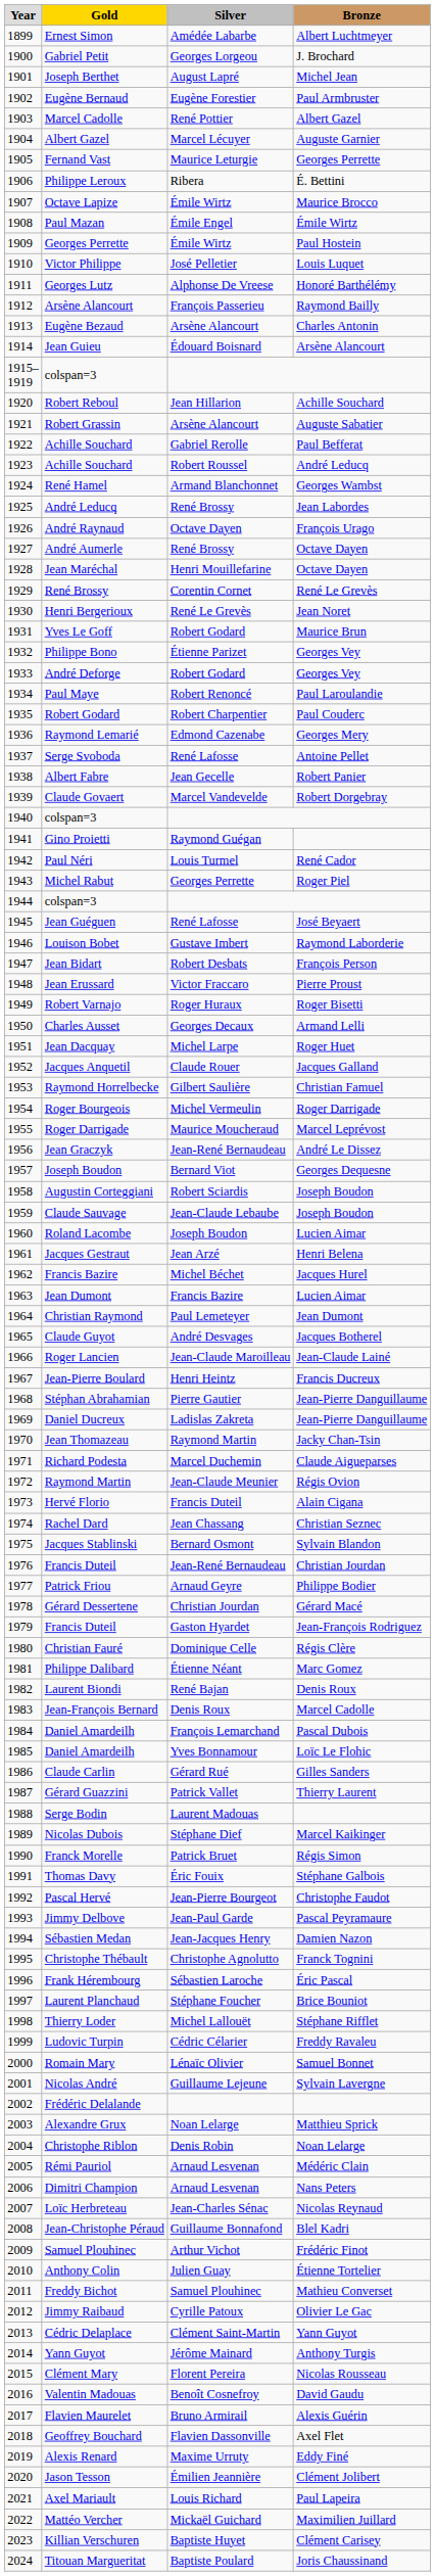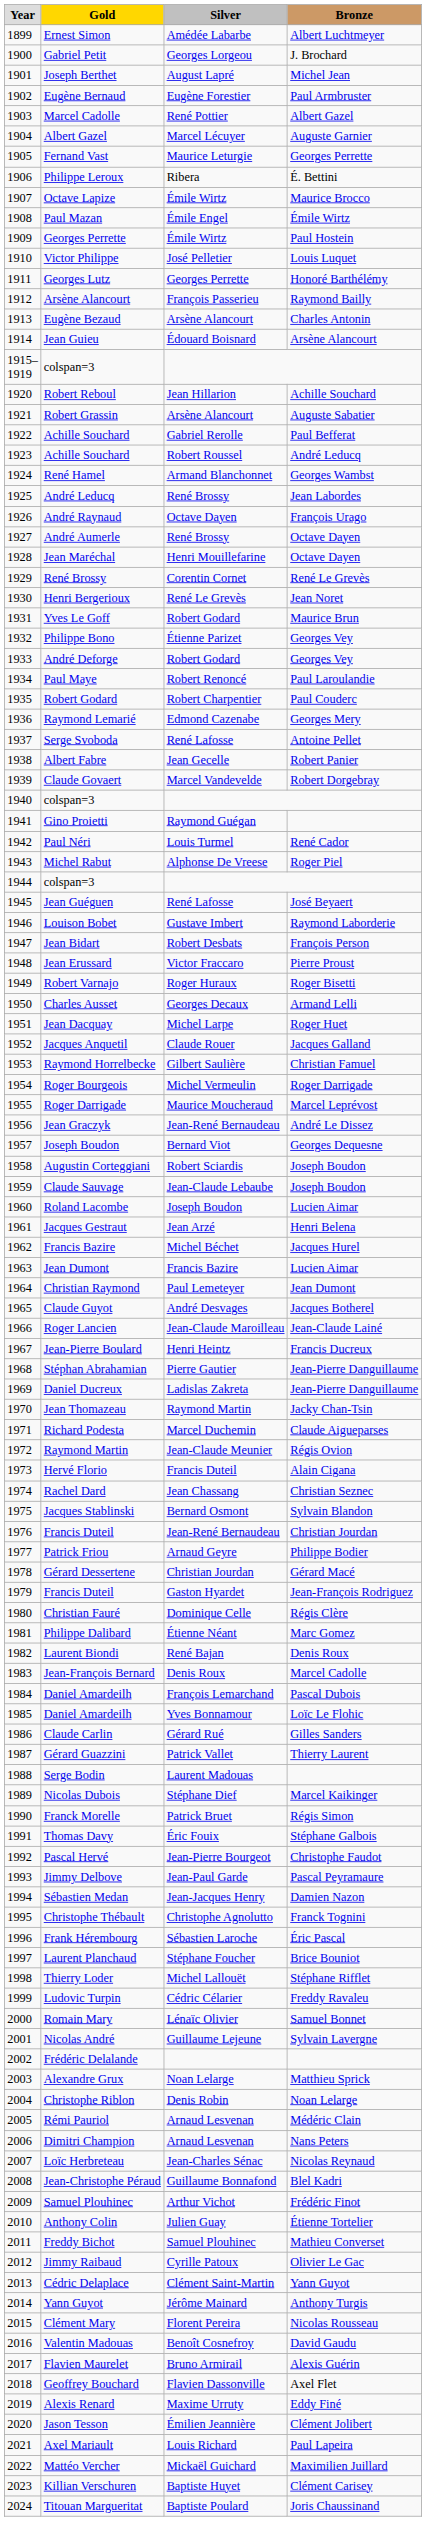 <table class="wikitable sortable" style="font-size:95%">
 <tr style="text-align:center; background:#e4e4e4; font-weight:bold;">
 <td style="background:#ddd; ">Year</td>
 <td style="background:gold; ">Gold</td>
 <td style="background:silver; ">Silver</td>
 <td style="background:#c96; ">Bronze</td>
 </tr>
 <tr>
 <td>1899</td>
 <td><a href='#'>Ernest Simon</a></td>
 <td><a href='#'>Amédée Labarbe</a></td>
 <td><a href='#'>Albert Luchtmeyer</a></td>
 </tr>
 <tr>
 <td>1900</td>
 <td><a href='#'>Gabriel Petit</a></td>
 <td><a href='#'>Georges Lorgeou</a></td>
 <td>J. Brochard</td>
 </tr>
 <tr>
 <td>1901</td>
 <td><a href='#'>Joseph Berthet</a></td>
 <td><a href='#'>August Lapré</a></td>
 <td><a href='#'>Michel Jean</a></td>
 </tr>
 <tr>
 <td>1902</td>
 <td><a href='#'>Eugène Bernaud</a></td>
 <td><a href='#'>Eugène Forestier</a></td>
 <td><a href='#'>Paul Armbruster</a></td>
 </tr>
 <tr>
 <td>1903</td>
 <td><a href='#'>Marcel Cadolle</a></td>
 <td><a href='#'>René Pottier</a></td>
 <td><a href='#'>Albert Gazel</a></td>
 </tr>
 <tr>
 <td>1904</td>
 <td><a href='#'>Albert Gazel</a></td>
 <td><a href='#'>Marcel Lécuyer</a></td>
 <td><a href='#'>Auguste Garnier</a></td>
 </tr>
 <tr>
 <td>1905</td>
 <td><a href='#'>Fernand Vast</a></td>
 <td><a href='#'>Maurice Leturgie</a></td>
 <td><a href='#'>Georges Perrette</a></td>
 </tr>
 <tr>
 <td>1906</td>
 <td><a href='#'>Philippe Leroux</a></td>
 <td>Ribera</td>
 <td>É. Bettini</td>
 </tr>
 <tr>
 <td>1907</td>
 <td><a href='#'>Octave Lapize</a></td>
 <td><a href='#'>Émile Wirtz</a></td>
 <td><a href='#'>Maurice Brocco</a></td>
 </tr>
 <tr>
 <td>1908</td>
 <td><a href='#'>Paul Mazan</a></td>
 <td><a href='#'>Émile Engel</a></td>
 <td><a href='#'>Émile Wirtz</a></td>
 </tr>
 <tr>
 <td>1909</td>
 <td><a href='#'>Georges Perrette</a></td>
 <td><a href='#'>Émile Wirtz</a></td>
 <td><a href='#'>Paul Hostein</a></td>
 </tr>
 <tr>
 <td>1910</td>
 <td><a href='#'>Victor Philippe</a></td>
 <td><a href='#'>José Pelletier</a></td>
 <td><a href='#'>Louis Luquet</a></td>
 </tr>
 <tr>
 <td>1911</td>
 <td><a href='#'>Georges Lutz</a></td>
-<td><a href='#'>Alphonse De Vreese</a></td>
+<td><a href='#'>Georges Perrette</a></td>
 <td><a href='#'>Honoré Barthélémy</a></td>
 </tr>
 <tr>
 <td>1912</td>
 <td><a href='#'>Arsène Alancourt</a></td>
 <td><a href='#'>François Passerieu</a></td>
 <td><a href='#'>Raymond Bailly</a></td>
 </tr>
 <tr>
 <td>1913</td>
 <td><a href='#'>Eugène Bezaud</a></td>
 <td><a href='#'>Arsène Alancourt</a></td>
 <td><a href='#'>Charles Antonin</a></td>
 </tr>
 <tr>
 <td>1914</td>
 <td><a href='#'>Jean Guieu</a></td>
 <td><a href='#'>Édouard Boisnard</a></td>
 <td><a href='#'>Arsène Alancourt</a></td>
 </tr>
 <tr>
 <td>1915–<br>1919</td>
 <td>colspan=3 </td>
 </tr>
 <tr>
 <td>1920</td>
 <td><a href='#'>Robert Reboul</a></td>
 <td><a href='#'>Jean Hillarion</a></td>
 <td><a href='#'>Achille Souchard</a></td>
 </tr>
 <tr>
 <td>1921</td>
 <td><a href='#'>Robert Grassin</a></td>
 <td><a href='#'>Arsène Alancourt</a></td>
 <td><a href='#'>Auguste Sabatier</a></td>
 </tr>
 <tr>
 <td>1922</td>
 <td><a href='#'>Achille Souchard</a></td>
 <td><a href='#'>Gabriel Rerolle</a></td>
 <td><a href='#'>Paul Befferat</a></td>
 </tr>
 <tr>
 <td>1923</td>
 <td><a href='#'>Achille Souchard</a></td>
 <td><a href='#'>Robert Roussel</a></td>
 <td><a href='#'>André Leducq</a></td>
 </tr>
 <tr>
 <td>1924</td>
 <td><a href='#'>René Hamel</a></td>
 <td><a href='#'>Armand Blanchonnet</a></td>
 <td><a href='#'>Georges Wambst</a></td>
 </tr>
 <tr>
 <td>1925</td>
 <td><a href='#'>André Leducq</a></td>
 <td><a href='#'>René Brossy</a></td>
 <td><a href='#'>Jean Labordes</a></td>
 </tr>
 <tr>
 <td>1926</td>
 <td><a href='#'>André Raynaud</a></td>
 <td><a href='#'>Octave Dayen</a></td>
 <td><a href='#'>François Urago</a></td>
 </tr>
 <tr>
 <td>1927</td>
 <td><a href='#'>André Aumerle</a></td>
 <td><a href='#'>René Brossy</a></td>
 <td><a href='#'>Octave Dayen</a></td>
 </tr>
 <tr>
 <td>1928</td>
 <td><a href='#'>Jean Maréchal</a></td>
 <td><a href='#'>Henri Mouillefarine</a></td>
 <td><a href='#'>Octave Dayen</a></td>
 </tr>
 <tr>
 <td>1929</td>
 <td><a href='#'>René Brossy</a></td>
 <td><a href='#'>Corentin Cornet</a></td>
 <td><a href='#'>René Le Grevès</a></td>
 </tr>
 <tr>
 <td>1930</td>
 <td><a href='#'>Henri Bergerioux</a></td>
 <td><a href='#'>René Le Grevès</a></td>
 <td><a href='#'>Jean Noret</a></td>
 </tr>
 <tr>
 <td>1931</td>
 <td><a href='#'>Yves Le Goff</a></td>
 <td><a href='#'>Robert Godard</a></td>
 <td><a href='#'>Maurice Brun</a></td>
 </tr>
 <tr>
 <td>1932</td>
 <td><a href='#'>Philippe Bono</a></td>
 <td><a href='#'>Étienne Parizet</a></td>
 <td><a href='#'>Georges Vey</a></td>
 </tr>
 <tr>
 <td>1933</td>
 <td><a href='#'>André Deforge</a></td>
 <td><a href='#'>Robert Godard</a></td>
 <td><a href='#'>Georges Vey</a></td>
 </tr>
 <tr>
 <td>1934</td>
 <td><a href='#'>Paul Maye</a></td>
 <td><a href='#'>Robert Renoncé</a></td>
 <td><a href='#'>Paul Laroulandie</a></td>
 </tr>
 <tr>
 <td>1935</td>
 <td><a href='#'>Robert Godard</a></td>
 <td><a href='#'>Robert Charpentier</a></td>
 <td><a href='#'>Paul Couderc</a></td>
 </tr>
 <tr>
 <td>1936</td>
 <td><a href='#'>Raymond Lemarié</a></td>
 <td><a href='#'>Edmond Cazenabe</a></td>
 <td><a href='#'>Georges Mery</a></td>
 </tr>
 <tr>
 <td>1937</td>
 <td><a href='#'>Serge Svoboda</a></td>
 <td><a href='#'>René Lafosse</a></td>
 <td><a href='#'>Antoine Pellet</a></td>
 </tr>
 <tr>
 <td>1938</td>
 <td><a href='#'>Albert Fabre</a></td>
 <td><a href='#'>Jean Gecelle</a></td>
 <td><a href='#'>Robert Panier</a></td>
 </tr>
 <tr>
 <td>1939</td>
 <td><a href='#'>Claude Govaert</a></td>
 <td><a href='#'>Marcel Vandevelde</a></td>
 <td><a href='#'>Robert Dorgebray</a></td>
 </tr>
 <tr>
 <td>1940</td>
 <td>colspan=3 </td>
 </tr>
 <tr>
 <td>1941</td>
 <td><a href='#'>Gino Proietti</a></td>
 <td><a href='#'>Raymond Guégan</a></td>
 <td></td>
 </tr>
 <tr>
 <td>1942</td>
 <td><a href='#'>Paul Néri</a></td>
 <td><a href='#'>Louis Turmel</a></td>
 <td><a href='#'>René Cador</a></td>
 </tr>
 <tr>
 <td>1943</td>
 <td><a href='#'>Michel Rabut</a></td>
-<td><a href='#'>Georges Perrette</a></td>
+<td><a href='#'>Alphonse De Vreese</a></td>
 <td><a href='#'>Roger Piel</a></td>
 </tr>
 <tr>
 <td>1944</td>
 <td>colspan=3 </td>
 </tr>
 <tr>
 <td>1945</td>
 <td><a href='#'>Jean Guéguen</a></td>
 <td><a href='#'>René Lafosse</a></td>
 <td><a href='#'>José Beyaert</a></td>
 </tr>
 <tr>
 <td>1946</td>
 <td><a href='#'>Louison Bobet</a></td>
 <td><a href='#'>Gustave Imbert</a></td>
 <td><a href='#'>Raymond Laborderie</a></td>
 </tr>
 <tr>
 <td>1947</td>
 <td><a href='#'>Jean Bidart</a></td>
 <td><a href='#'>Robert Desbats</a></td>
 <td><a href='#'>François Person</a></td>
 </tr>
 <tr>
 <td>1948</td>
 <td><a href='#'>Jean Erussard</a></td>
 <td><a href='#'>Victor Fraccaro</a></td>
 <td><a href='#'>Pierre Proust</a></td>
 </tr>
 <tr>
 <td>1949</td>
 <td><a href='#'>Robert Varnajo</a></td>
 <td><a href='#'>Roger Huraux</a></td>
 <td><a href='#'>Roger Bisetti</a></td>
 </tr>
 <tr>
 <td>1950</td>
 <td><a href='#'>Charles Ausset</a></td>
 <td><a href='#'>Georges Decaux</a></td>
 <td><a href='#'>Armand Lelli</a></td>
 </tr>
 <tr>
 <td>1951</td>
 <td><a href='#'>Jean Dacquay</a></td>
 <td><a href='#'>Michel Larpe</a></td>
 <td><a href='#'>Roger Huet</a></td>
 </tr>
 <tr>
 <td>1952</td>
 <td><a href='#'>Jacques Anquetil</a></td>
 <td><a href='#'>Claude Rouer</a></td>
 <td><a href='#'>Jacques Galland</a></td>
 </tr>
 <tr>
 <td>1953</td>
 <td><a href='#'>Raymond Horrelbecke</a></td>
 <td><a href='#'>Gilbert Saulière</a></td>
 <td><a href='#'>Christian Famuel</a></td>
 </tr>
 <tr>
 <td>1954</td>
 <td><a href='#'>Roger Bourgeois</a></td>
 <td><a href='#'>Michel Vermeulin</a></td>
 <td><a href='#'>Roger Darrigade</a></td>
 </tr>
 <tr>
 <td>1955</td>
 <td><a href='#'>Roger Darrigade</a></td>
 <td><a href='#'>Maurice Moucheraud</a></td>
 <td><a href='#'>Marcel Leprévost</a></td>
 </tr>
 <tr>
 <td>1956</td>
 <td><a href='#'>Jean Graczyk</a></td>
 <td><a href='#'>Jean-René Bernaudeau</a></td>
 <td><a href='#'>André Le Dissez</a></td>
 </tr>
 <tr>
 <td>1957</td>
 <td><a href='#'>Joseph Boudon</a></td>
 <td><a href='#'>Bernard Viot</a></td>
 <td><a href='#'>Georges Dequesne</a></td>
 </tr>
 <tr>
 <td>1958</td>
 <td><a href='#'>Augustin Corteggiani</a></td>
 <td><a href='#'>Robert Sciardis</a></td>
 <td><a href='#'>Joseph Boudon</a></td>
 </tr>
 <tr>
 <td>1959</td>
 <td><a href='#'>Claude Sauvage</a></td>
 <td><a href='#'>Jean-Claude Lebaube</a></td>
 <td><a href='#'>Joseph Boudon</a></td>
 </tr>
 <tr>
 <td>1960</td>
 <td><a href='#'>Roland Lacombe</a></td>
 <td><a href='#'>Joseph Boudon</a></td>
 <td><a href='#'>Lucien Aimar</a></td>
 </tr>
 <tr>
 <td>1961</td>
 <td><a href='#'>Jacques Gestraut</a></td>
 <td><a href='#'>Jean Arzé</a></td>
 <td><a href='#'>Henri Belena</a></td>
 </tr>
 <tr>
 <td>1962</td>
 <td><a href='#'>Francis Bazire</a></td>
 <td><a href='#'>Michel Béchet</a></td>
 <td><a href='#'>Jacques Hurel</a></td>
 </tr>
 <tr>
 <td>1963</td>
 <td><a href='#'>Jean Dumont</a></td>
 <td><a href='#'>Francis Bazire</a></td>
 <td><a href='#'>Lucien Aimar</a></td>
 </tr>
 <tr>
 <td>1964</td>
 <td><a href='#'>Christian Raymond</a></td>
 <td><a href='#'>Paul Lemeteyer</a></td>
 <td><a href='#'>Jean Dumont</a></td>
 </tr>
 <tr>
 <td>1965</td>
 <td><a href='#'>Claude Guyot</a></td>
 <td><a href='#'>André Desvages</a></td>
 <td><a href='#'>Jacques Botherel</a></td>
 </tr>
 <tr>
 <td>1966</td>
 <td><a href='#'>Roger Lancien</a></td>
 <td><a href='#'>Jean-Claude Maroilleau</a></td>
 <td><a href='#'>Jean-Claude Lainé</a></td>
 </tr>
 <tr>
 <td>1967</td>
 <td><a href='#'>Jean-Pierre Boulard</a></td>
 <td><a href='#'>Henri Heintz</a></td>
 <td><a href='#'>Francis Ducreux</a></td>
 </tr>
 <tr>
 <td>1968</td>
 <td><a href='#'>Stéphan Abrahamian</a></td>
 <td><a href='#'>Pierre Gautier</a></td>
 <td><a href='#'>Jean-Pierre Danguillaume</a></td>
 </tr>
 <tr>
 <td>1969</td>
 <td><a href='#'>Daniel Ducreux</a></td>
 <td><a href='#'>Ladislas Zakreta</a></td>
 <td><a href='#'>Jean-Pierre Danguillaume</a></td>
 </tr>
 <tr>
 <td>1970</td>
 <td><a href='#'>Jean Thomazeau</a></td>
 <td><a href='#'>Raymond Martin</a></td>
 <td><a href='#'>Jacky Chan-Tsin</a></td>
 </tr>
 <tr>
 <td>1971</td>
 <td><a href='#'>Richard Podesta</a></td>
 <td><a href='#'>Marcel Duchemin</a></td>
 <td><a href='#'>Claude Aigueparses</a></td>
 </tr>
 <tr>
 <td>1972</td>
 <td><a href='#'>Raymond Martin</a></td>
 <td><a href='#'>Jean-Claude Meunier</a></td>
 <td><a href='#'>Régis Ovion</a></td>
 </tr>
 <tr>
 <td>1973</td>
 <td><a href='#'>Hervé Florio</a></td>
 <td><a href='#'>Francis Duteil</a></td>
 <td><a href='#'>Alain Cigana</a></td>
 </tr>
 <tr>
 <td>1974</td>
 <td><a href='#'>Rachel Dard</a></td>
 <td><a href='#'>Jean Chassang</a></td>
 <td><a href='#'>Christian Seznec</a></td>
 </tr>
 <tr>
 <td>1975</td>
 <td><a href='#'>Jacques Stablinski</a></td>
 <td><a href='#'>Bernard Osmont</a></td>
 <td><a href='#'>Sylvain Blandon</a></td>
 </tr>
 <tr>
 <td>1976</td>
 <td><a href='#'>Francis Duteil</a></td>
 <td><a href='#'>Jean-René Bernaudeau</a></td>
 <td><a href='#'>Christian Jourdan</a></td>
 </tr>
 <tr>
 <td>1977</td>
 <td><a href='#'>Patrick Friou</a></td>
 <td><a href='#'>Arnaud Geyre</a></td>
 <td><a href='#'>Philippe Bodier</a></td>
 </tr>
 <tr>
 <td>1978</td>
 <td><a href='#'>Gérard Dessertene</a></td>
 <td><a href='#'>Christian Jourdan</a></td>
 <td><a href='#'>Gérard Macé</a></td>
 </tr>
 <tr>
 <td>1979</td>
 <td><a href='#'>Francis Duteil</a></td>
 <td><a href='#'>Gaston Hyardet</a></td>
 <td><a href='#'>Jean-François Rodriguez</a></td>
 </tr>
 <tr>
 <td>1980</td>
 <td><a href='#'>Christian Fauré</a></td>
 <td><a href='#'>Dominique Celle</a></td>
 <td><a href='#'>Régis Clère</a></td>
 </tr>
 <tr>
 <td>1981</td>
 <td><a href='#'>Philippe Dalibard</a></td>
 <td><a href='#'>Étienne Néant</a></td>
 <td><a href='#'>Marc Gomez</a></td>
 </tr>
 <tr>
 <td>1982</td>
 <td><a href='#'>Laurent Biondi</a></td>
 <td><a href='#'>René Bajan</a></td>
 <td><a href='#'>Denis Roux</a></td>
 </tr>
 <tr>
 <td>1983</td>
 <td><a href='#'>Jean-François Bernard</a></td>
 <td><a href='#'>Denis Roux</a></td>
 <td><a href='#'>Marcel Cadolle</a></td>
 </tr>
 <tr>
 <td>1984</td>
 <td><a href='#'>Daniel Amardeilh</a></td>
 <td><a href='#'>François Lemarchand</a></td>
 <td><a href='#'>Pascal Dubois</a></td>
 </tr>
 <tr>
 <td>1985</td>
 <td><a href='#'>Daniel Amardeilh</a></td>
 <td><a href='#'>Yves Bonnamour</a></td>
 <td><a href='#'>Loïc Le Flohic</a></td>
 </tr>
 <tr>
 <td>1986</td>
 <td><a href='#'>Claude Carlin</a></td>
 <td><a href='#'>Gérard Rué</a></td>
 <td><a href='#'>Gilles Sanders</a></td>
 </tr>
 <tr>
 <td>1987</td>
 <td><a href='#'>Gérard Guazzini</a></td>
 <td><a href='#'>Patrick Vallet</a></td>
 <td><a href='#'>Thierry Laurent</a></td>
 </tr>
 <tr>
 <td>1988</td>
 <td><a href='#'>Serge Bodin</a></td>
 <td><a href='#'>Laurent Madouas</a></td>
 <td></td>
 </tr>
 <tr>
 <td>1989</td>
 <td><a href='#'>Nicolas Dubois</a></td>
 <td><a href='#'>Stéphane Dief</a></td>
 <td><a href='#'>Marcel Kaikinger</a></td>
 </tr>
 <tr>
 <td>1990</td>
 <td><a href='#'>Franck Morelle</a></td>
 <td><a href='#'>Patrick Bruet</a></td>
 <td><a href='#'>Régis Simon</a></td>
 </tr>
 <tr>
 <td>1991</td>
 <td><a href='#'>Thomas Davy</a></td>
 <td><a href='#'>Éric Fouix</a></td>
 <td><a href='#'>Stéphane Galbois</a></td>
 </tr>
 <tr>
 <td>1992</td>
 <td><a href='#'>Pascal Hervé</a></td>
 <td><a href='#'>Jean-Pierre Bourgeot</a></td>
 <td><a href='#'>Christophe Faudot</a></td>
 </tr>
 <tr>
 <td>1993</td>
 <td><a href='#'>Jimmy Delbove</a></td>
 <td><a href='#'>Jean-Paul Garde</a></td>
 <td><a href='#'>Pascal Peyramaure</a></td>
 </tr>
 <tr>
 <td>1994</td>
 <td><a href='#'>Sébastien Medan</a></td>
 <td><a href='#'>Jean-Jacques Henry</a></td>
 <td><a href='#'>Damien Nazon</a></td>
 </tr>
 <tr>
 <td>1995</td>
 <td><a href='#'>Christophe Thébault</a></td>
 <td><a href='#'>Christophe Agnolutto</a></td>
 <td><a href='#'>Franck Tognini</a></td>
 </tr>
 <tr>
 <td>1996</td>
 <td><a href='#'>Frank Hérembourg</a></td>
 <td><a href='#'>Sébastien Laroche</a></td>
 <td><a href='#'>Éric Pascal</a></td>
 </tr>
 <tr>
 <td>1997</td>
 <td><a href='#'>Laurent Planchaud</a></td>
 <td><a href='#'>Stéphane Foucher</a></td>
 <td><a href='#'>Brice Bouniot</a></td>
 </tr>
 <tr>
 <td>1998</td>
 <td><a href='#'>Thierry Loder</a></td>
 <td><a href='#'>Michel Lallouët</a></td>
 <td><a href='#'>Stéphane Rifflet</a></td>
 </tr>
 <tr>
 <td>1999</td>
 <td><a href='#'>Ludovic Turpin</a></td>
 <td><a href='#'>Cédric Célarier</a></td>
 <td><a href='#'>Freddy Ravaleu</a></td>
 </tr>
 <tr>
 <td>2000</td>
 <td><a href='#'>Romain Mary</a></td>
 <td><a href='#'>Lénaïc Olivier</a></td>
 <td><a href='#'>Samuel Bonnet</a></td>
 </tr>
 <tr>
 <td>2001</td>
 <td><a href='#'>Nicolas André</a></td>
 <td><a href='#'>Guillaume Lejeune</a></td>
 <td><a href='#'>Sylvain Lavergne</a></td>
 </tr>
 <tr>
 <td>2002</td>
 <td><a href='#'>Frédéric Delalande</a></td>
 <td></td>
 <td></td>
 </tr>
 <tr>
 <td>2003</td>
 <td><a href='#'>Alexandre Grux</a></td>
 <td><a href='#'>Noan Lelarge</a></td>
 <td><a href='#'>Matthieu Sprick</a></td>
 </tr>
 <tr>
 <td>2004</td>
 <td><a href='#'>Christophe Riblon</a></td>
 <td><a href='#'>Denis Robin</a></td>
 <td><a href='#'>Noan Lelarge</a></td>
 </tr>
 <tr>
 <td>2005</td>
 <td><a href='#'>Rémi Pauriol</a></td>
 <td><a href='#'>Arnaud Lesvenan</a></td>
 <td><a href='#'>Médéric Clain</a></td>
 </tr>
 <tr>
 <td>2006</td>
 <td><a href='#'>Dimitri Champion</a></td>
 <td><a href='#'>Arnaud Lesvenan</a></td>
 <td><a href='#'>Nans Peters</a></td>
 </tr>
 <tr>
 <td>2007</td>
 <td><a href='#'>Loïc Herbreteau</a></td>
 <td><a href='#'>Jean-Charles Sénac</a></td>
 <td><a href='#'>Nicolas Reynaud</a></td>
 </tr>
 <tr>
 <td>2008</td>
 <td><a href='#'>Jean-Christophe Péraud</a></td>
 <td><a href='#'>Guillaume Bonnafond</a></td>
 <td><a href='#'>Blel Kadri</a></td>
 </tr>
 <tr>
 <td>2009</td>
 <td><a href='#'>Samuel Plouhinec</a></td>
 <td><a href='#'>Arthur Vichot</a></td>
 <td><a href='#'>Frédéric Finot</a></td>
 </tr>
 <tr>
 <td>2010</td>
 <td><a href='#'>Anthony Colin</a></td>
 <td><a href='#'>Julien Guay</a></td>
 <td><a href='#'>Étienne Tortelier</a></td>
 </tr>
 <tr>
 <td>2011</td>
 <td><a href='#'>Freddy Bichot</a></td>
 <td><a href='#'>Samuel Plouhinec</a></td>
 <td><a href='#'>Mathieu Converset</a></td>
 </tr>
 <tr>
 <td>2012</td>
 <td><a href='#'>Jimmy Raibaud</a></td>
 <td><a href='#'>Cyrille Patoux</a></td>
 <td><a href='#'>Olivier Le Gac</a></td>
 </tr>
 <tr>
 <td>2013</td>
 <td><a href='#'>Cédric Delaplace</a></td>
 <td><a href='#'>Clément Saint-Martin</a></td>
 <td><a href='#'>Yann Guyot</a></td>
 </tr>
 <tr>
 <td>2014</td>
 <td><a href='#'>Yann Guyot</a></td>
 <td><a href='#'>Jérôme Mainard</a></td>
 <td><a href='#'>Anthony Turgis</a></td>
 </tr>
 <tr>
 <td>2015</td>
 <td><a href='#'>Clément Mary</a></td>
 <td><a href='#'>Florent Pereira</a></td>
 <td><a href='#'>Nicolas Rousseau</a></td>
 </tr>
 <tr>
 <td>2016</td>
 <td><a href='#'>Valentin Madouas</a></td>
 <td><a href='#'>Benoît Cosnefroy</a></td>
 <td><a href='#'>David Gaudu</a></td>
 </tr>
 <tr>
 <td>2017</td>
 <td><a href='#'>Flavien Maurelet</a></td>
 <td><a href='#'>Bruno Armirail</a></td>
 <td><a href='#'>Alexis Guérin</a></td>
 </tr>
 <tr>
 <td>2018</td>
 <td><a href='#'>Geoffrey Bouchard</a></td>
 <td><a href='#'>Flavien Dassonville</a></td>
 <td>Axel Flet</td>
 </tr>
 <tr>
 <td>2019</td>
 <td><a href='#'>Alexis Renard</a></td>
 <td><a href='#'>Maxime Urruty</a></td>
 <td><a href='#'>Eddy Finé</a></td>
 </tr>
 <tr>
 <td>2020</td>
 <td><a href='#'>Jason Tesson</a></td>
 <td><a href='#'>Émilien Jeannière</a></td>
 <td><a href='#'>Clément Jolibert</a></td>
 </tr>
 <tr>
 <td>2021</td>
 <td><a href='#'>Axel Mariault</a></td>
 <td><a href='#'>Louis Richard</a></td>
 <td><a href='#'>Paul Lapeira</a></td>
 </tr>
 <tr>
 <td>2022</td>
 <td><a href='#'>Mattéo Vercher</a></td>
 <td><a href='#'>Mickaël Guichard</a></td>
 <td><a href='#'>Maximilien Juillard</a></td>
 </tr>
 <tr>
 <td>2023</td>
 <td><a href='#'>Killian Verschuren</a></td>
 <td><a href='#'>Baptiste Huyet</a></td>
 <td><a href='#'>Clément Carisey</a></td>
 </tr>
 <tr>
 <td>2024</td>
 <td><a href='#'>Titouan Margueritat</a></td>
 <td><a href='#'>Baptiste Poulard</a></td>
 <td><a href='#'>Joris Chaussinand</a></td>
 </tr>
 </table>
